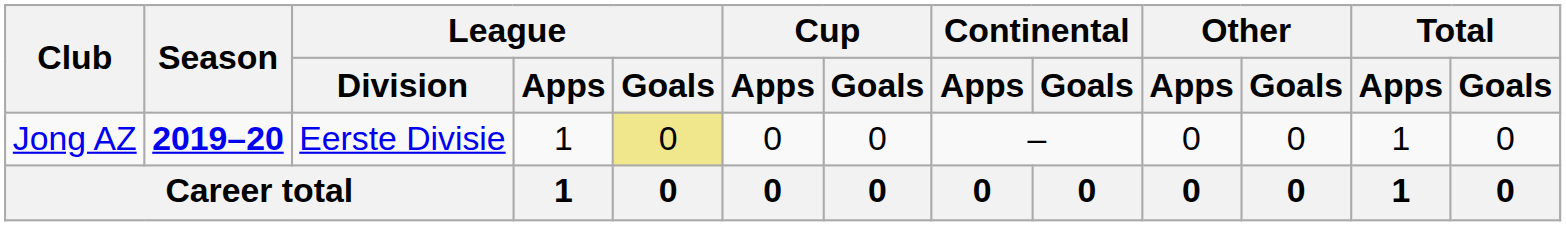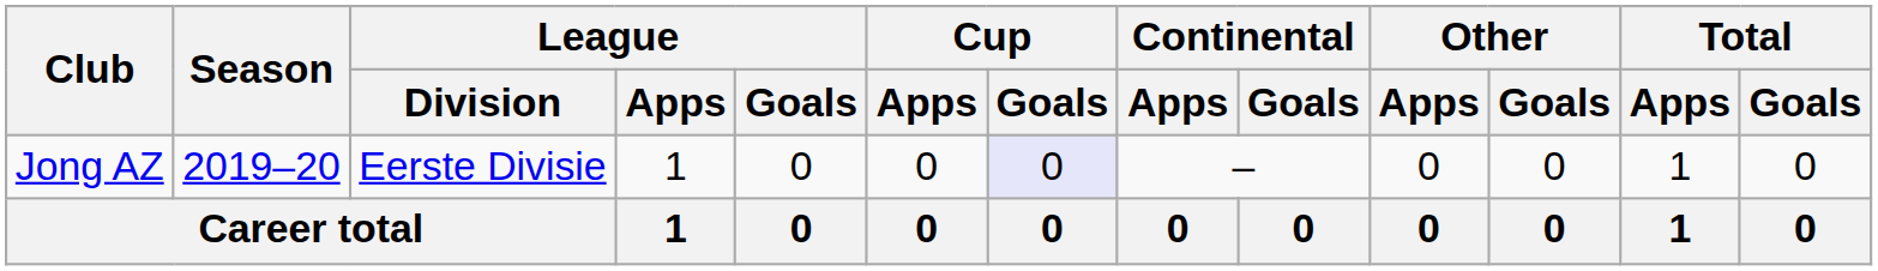 <table class="wikitable" style="text-align:center">
 <tr>
 <th rowspan="2">Club</th>
 <th rowspan="2">Season</th>
 <th colspan="3">League</th>
 <th colspan="2">Cup</th>
 <th colspan="2">Continental</th>
 <th colspan="2">Other</th>
 <th colspan="2">Total</th>
 </tr>
 <tr>
 <th>Division</th>
 <th>Apps</th>
 <th>Goals</th>
 <th>Apps</th>
 <th>Goals</th>
 <th>Apps</th>
 <th>Goals</th>
 <th>Apps</th>
 <th>Goals</th>
 <th>Apps</th>
 <th>Goals</th>
 </tr>
 <tr>
 <td><a href='#'>Jong AZ</a></td>
-<td><strong><a href='#'>2019–20</a></strong></td>
+<td><a href='#'>2019–20</a></td>
 <td><a href='#'>Eerste Divisie</a></td>
 <td>1</td>
-<td style="background: khaki;">0</td>
 <td>0</td>
 <td>0</td>
+<td style="background: lavender;">0</td>
 <td colspan="2">–</td>
 <td>0</td>
 <td>0</td>
 <td>1</td>
 <td>0</td>
 </tr>
 <tr>
 <th colspan="3">Career total</th>
 <th>1</th>
 <th>0</th>
 <th>0</th>
 <th>0</th>
 <th>0</th>
 <th>0</th>
 <th>0</th>
 <th>0</th>
 <th>1</th>
 <th>0</th>
 </tr>
 </table>
